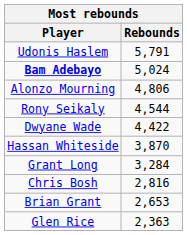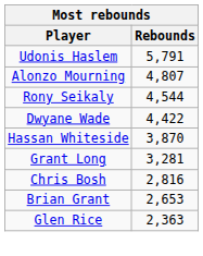 <table class="wikitable sortable" style="text-align:center;">
 <tr>
 <th colspan="2">Most rebounds</th>
 </tr>
 <tr>
 <th>Player</th>
 <th>Rebounds</th>
 </tr>
 <tr>
 <td><a href='#'>Udonis Haslem</a></td>
 <td>5,791</td>
 </tr>
 <tr>
-<td><strong><a href='#'>Bam Adebayo</a></strong></td>
-<td>5,024</td>
-</tr>
-<tr>
 <td><a href='#'>Alonzo Mourning</a></td>
-<td>4,806</td>
+<td>4,807</td>
 </tr>
 <tr>
 <td><a href='#'>Rony Seikaly</a></td>
 <td>4,544</td>
 </tr>
 <tr>
 <td><a href='#'>Dwyane Wade</a></td>
 <td>4,422</td>
 </tr>
 <tr>
 <td><a href='#'>Hassan Whiteside</a></td>
 <td>3,870</td>
 </tr>
 <tr>
 <td><a href='#'>Grant Long</a></td>
-<td>3,284</td>
+<td>3,281</td>
 </tr>
 <tr>
 <td><a href='#'>Chris Bosh</a></td>
 <td>2,816</td>
 </tr>
 <tr>
 <td><a href='#'>Brian Grant</a></td>
 <td>2,653</td>
 </tr>
 <tr>
 <td><a href='#'>Glen Rice</a></td>
 <td>2,363</td>
 </tr>
 </table>
